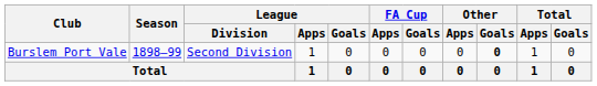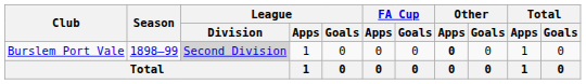 <table class="wikitable" style="text-align:center">
 <tr>
 <th rowspan="2">Club</th>
 <th rowspan="2">Season</th>
 <th colspan="3">League</th>
 <th colspan="2"><a href='#'>FA Cup</a></th>
 <th colspan="2">Other</th>
 <th colspan="2">Total</th>
 </tr>
 <tr>
 <th>Division</th>
 <th>Apps</th>
 <th>Goals</th>
 <th>Apps</th>
 <th>Goals</th>
 <th>Apps</th>
 <th>Goals</th>
 <th>Apps</th>
 <th>Goals</th>
 </tr>
 <tr>
 <td><a href='#'>Burslem Port Vale</a></td>
 <td><a href='#'>1898–99</a></td>
-<td><a href='#'>Second Division</a></td>
+<td style="background: lightgrey;"><a href='#'>Second Division</a></td>
 <td>1</td>
 <td>0</td>
 <td>0</td>
 <td>0</td>
+<td><strong>0</strong></td>
 <td>0</td>
-<td><strong>0</strong></td>
 <td>1</td>
 <td>0</td>
 </tr>
 <tr>
 <th colspan="3">Total</th>
 <th>1</th>
 <th>0</th>
 <th>0</th>
 <th>0</th>
 <th>0</th>
 <th>0</th>
 <th>1</th>
 <th>0</th>
 </tr>
 </table>
